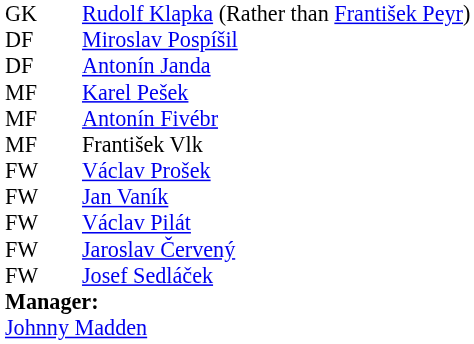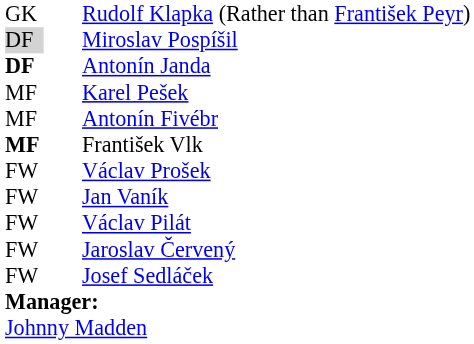 <table style="font-size: 90%" cellspacing="0" cellpadding="0" align=center>
 <tr>
 <td colspan="4"></td>
 </tr>
 <tr>
 <th width=25></th>
 <th width=25></th>
 </tr>
 <tr>
 <td>GK</td>
 <td></td>
 <td><a href='#'>Rudolf Klapka</a> (Rather than <a href='#'>František Peyr</a>)</td>
 </tr>
 <tr>
-<td>DF</td>
+<td style="background: lightgrey;">DF</td>
 <td></td>
 <td><a href='#'>Miroslav Pospíšil</a></td>
 </tr>
 <tr>
-<td>DF</td>
+<td><strong>DF</strong></td>
 <td></td>
 <td><a href='#'>Antonín Janda</a> </td>
 </tr>
 <tr>
 <td>MF</td>
 <td></td>
 <td><a href='#'>Karel Pešek</a></td>
 </tr>
 <tr>
 <td>MF</td>
 <td></td>
 <td><a href='#'>Antonín Fivébr</a></td>
 </tr>
 <tr>
-<td>MF</td>
+<td><strong>MF</strong></td>
 <td></td>
 <td>František Vlk</td>
 </tr>
 <tr>
 <td>FW</td>
 <td></td>
 <td><a href='#'>Václav Prošek</a></td>
 </tr>
 <tr>
 <td>FW</td>
 <td></td>
 <td><a href='#'>Jan Vaník</a></td>
 </tr>
 <tr>
 <td>FW</td>
 <td></td>
 <td><a href='#'>Václav Pilát</a></td>
 </tr>
 <tr>
 <td>FW</td>
 <td></td>
 <td><a href='#'>Jaroslav Červený</a></td>
 </tr>
 <tr>
 <td>FW</td>
 <td></td>
 <td><a href='#'>Josef Sedláček</a></td>
 </tr>
 <tr>
 <td colspan=3><strong>Manager:</strong></td>
 </tr>
 <tr>
 <td colspan="4"> <a href='#'>Johnny Madden</a></td>
 </tr>
 <tr>
 </tr>
 </table>
